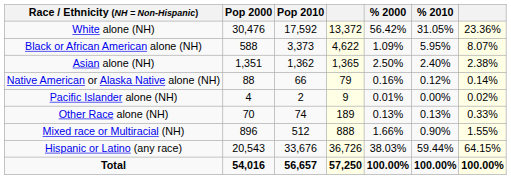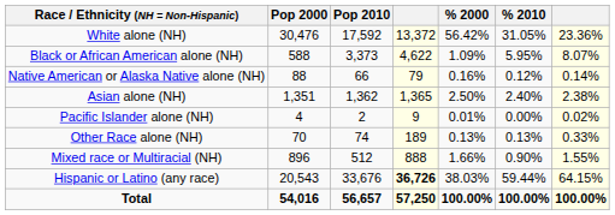 <table class="wikitable" style="text-align:center;">
 <tr>
 <th>Race / Ethnicity <small>(<em>NH = Non-Hispanic</em>)</small></th>
 <th>Pop 2000</th>
 <th>Pop 2010</th>
 <th></th>
 <th>% 2000</th>
 <th>% 2010</th>
 <th></th>
 </tr>
 <tr>
 <td><a href='#'>White</a> alone (NH)</td>
 <td>30,476</td>
 <td>17,592</td>
 <td style='background: #ffffe6;'>13,372</td>
 <td>56.42%</td>
 <td>31.05%</td>
 <td style='background: #ffffe6;'>23.36%</td>
 </tr>
 <tr>
 <td><a href='#'>Black or African American</a> alone (NH)</td>
 <td>588</td>
 <td>3,373</td>
 <td style='background: #ffffe6;'>4,622</td>
 <td>1.09%</td>
 <td>5.95%</td>
 <td style='background: #ffffe6;'>8.07%</td>
 </tr>
 <tr>
+<td><a href='#'>Native American</a> or <a href='#'>Alaska Native</a> alone (NH)</td>
+<td>88</td>
+<td>66</td>
+<td style='background: #ffffe6;'>79</td>
+<td>0.16%</td>
+<td>0.12%</td>
+<td style='background: #ffffe6;'>0.14%</td>
+</tr>
+<tr>
 <td><a href='#'>Asian</a> alone (NH)</td>
 <td>1,351</td>
 <td>1,362</td>
 <td style='background: #ffffe6;'>1,365</td>
 <td>2.50%</td>
 <td>2.40%</td>
 <td style='background: #ffffe6;'>2.38%</td>
-</tr>
-<tr>
-<td><a href='#'>Native American</a> or <a href='#'>Alaska Native</a> alone (NH)</td>
-<td>88</td>
-<td>66</td>
-<td style='background: #ffffe6;'>79</td>
-<td>0.16%</td>
-<td>0.12%</td>
-<td style='background: #ffffe6;'>0.14%</td>
 </tr>
 <tr>
 <td><a href='#'>Pacific Islander</a> alone (NH)</td>
 <td>4</td>
 <td>2</td>
 <td style='background: #ffffe6;'>9</td>
 <td>0.01%</td>
 <td>0.00%</td>
 <td style='background: #ffffe6;'>0.02%</td>
 </tr>
 <tr>
 <td><a href='#'>Other Race</a> alone (NH)</td>
 <td>70</td>
 <td>74</td>
 <td style='background: #ffffe6;'>189</td>
 <td>0.13%</td>
 <td>0.13%</td>
 <td style='background: #ffffe6;'>0.33%</td>
 </tr>
 <tr>
 <td><a href='#'>Mixed race or Multiracial</a> (NH)</td>
 <td>896</td>
 <td>512</td>
 <td style='background: #ffffe6;'>888</td>
 <td>1.66%</td>
 <td>0.90%</td>
 <td style='background: #ffffe6;'>1.55%</td>
 </tr>
 <tr>
 <td><a href='#'>Hispanic or Latino</a> (any race)</td>
 <td>20,543</td>
 <td>33,676</td>
-<td style='background: #ffffe6;'>36,726</td>
+<td style='background: #ffffe6;'><strong>36,726</strong></td>
 <td>38.03%</td>
 <td>59.44%</td>
 <td style='background: #ffffe6;'>64.15%</td>
 </tr>
 <tr>
 <td><strong>Total</strong></td>
 <td><strong>54,016</strong></td>
 <td><strong>56,657</strong></td>
 <td style='background: #ffffe6;'><strong>57,250</strong></td>
 <td><strong>100.00%</strong></td>
 <td><strong>100.00%</strong></td>
 <td style='background: #ffffe6;'><strong>100.00%</strong></td>
 </tr>
 </table>
